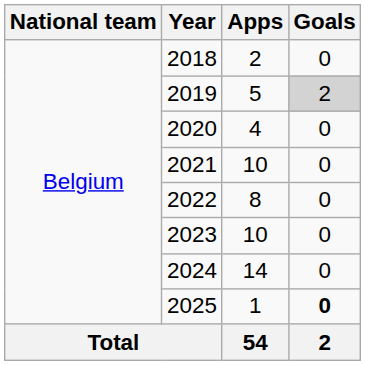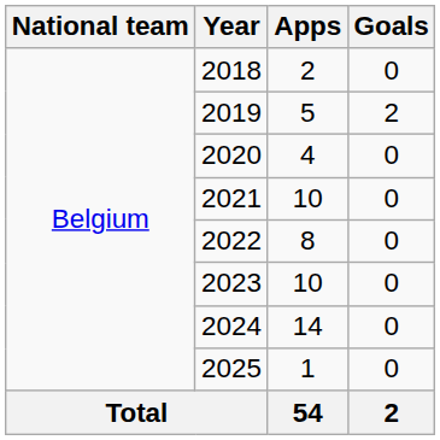 <table class="wikitable" style="text-align: center;">
 <tr>
 <th>National team</th>
 <th>Year</th>
 <th>Apps</th>
 <th>Goals</th>
 </tr>
 <tr>
 <td rowspan="8"><a href='#'>Belgium</a></td>
 <td>2018</td>
 <td>2</td>
 <td>0</td>
 </tr>
 <tr>
 <td>2019</td>
 <td>5</td>
-<td style="background: lightgrey;">2</td>
+<td>2</td>
 </tr>
 <tr>
 <td>2020</td>
 <td>4</td>
 <td>0</td>
 </tr>
 <tr>
 <td>2021</td>
 <td>10</td>
 <td>0</td>
 </tr>
 <tr>
 <td>2022</td>
 <td>8</td>
 <td>0</td>
 </tr>
 <tr>
 <td>2023</td>
 <td>10</td>
 <td>0</td>
 </tr>
 <tr>
 <td>2024</td>
 <td>14</td>
 <td>0</td>
 </tr>
 <tr>
 <td>2025</td>
 <td>1</td>
-<td><strong>0</strong></td>
+<td>0</td>
 </tr>
 <tr>
 <th colspan="2">Total</th>
 <th>54</th>
 <th>2</th>
 </tr>
 </table>
